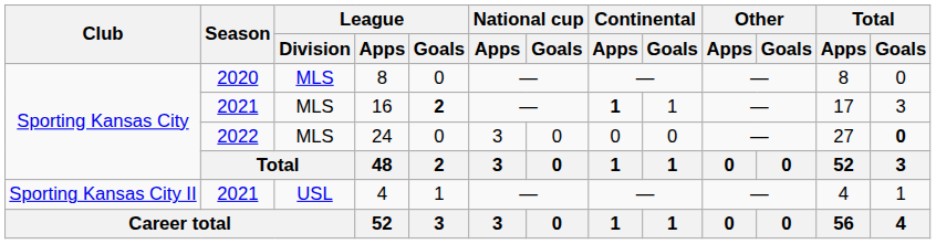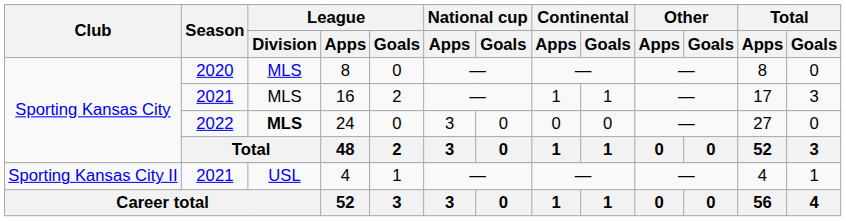 <table class=wikitable style=text-align:center>
 <tr>
 <th rowspan=2>Club</th>
 <th rowspan=2>Season</th>
 <th colspan=3>League</th>
 <th colspan=2>National cup</th>
 <th colspan=2>Continental</th>
 <th colspan=2>Other</th>
 <th colspan=2>Total</th>
 </tr>
 <tr>
 <th>Division</th>
 <th>Apps</th>
 <th>Goals</th>
 <th>Apps</th>
 <th>Goals</th>
 <th>Apps</th>
 <th>Goals</th>
 <th>Apps</th>
 <th>Goals</th>
 <th>Apps</th>
 <th>Goals</th>
 </tr>
 <tr>
 <td rowspan=4><a href='#'>Sporting Kansas City</a></td>
 <td><a href='#'>2020</a></td>
 <td><a href='#'>MLS</a></td>
 <td>8</td>
 <td>0</td>
 <td colspan=2>—</td>
 <td colspan=2>—</td>
 <td colspan=2>—</td>
 <td>8</td>
 <td>0</td>
 </tr>
 <tr>
 <td><a href='#'>2021</a></td>
 <td>MLS</td>
 <td>16</td>
-<td><strong>2</strong></td>
+<td>2</td>
 <td colspan=2>—</td>
-<td><strong>1</strong></td>
+<td>1</td>
 <td>1</td>
 <td colspan=2>—</td>
 <td>17</td>
 <td>3</td>
 </tr>
 <tr>
 <td><a href='#'>2022</a></td>
-<td>MLS</td>
+<td><strong>MLS</strong></td>
 <td>24</td>
 <td>0</td>
 <td>3</td>
 <td>0</td>
 <td>0</td>
 <td>0</td>
 <td colspan=2>—</td>
 <td>27</td>
-<td><strong>0</strong></td>
+<td>0</td>
 </tr>
 <tr>
 <th colspan=2>Total</th>
 <th>48</th>
 <th>2</th>
 <th>3</th>
 <th>0</th>
 <th>1</th>
 <th>1</th>
 <th>0</th>
 <th>0</th>
 <th>52</th>
 <th>3</th>
 </tr>
 <tr>
 <td rowspan=1><a href='#'>Sporting Kansas City II</a></td>
 <td><a href='#'>2021</a></td>
 <td><a href='#'>USL</a></td>
 <td>4</td>
 <td>1</td>
 <td colspan=2>—</td>
 <td colspan=2>—</td>
 <td colspan=2>—</td>
 <td>4</td>
 <td>1</td>
 </tr>
 <tr>
 <th colspan=3>Career total</th>
 <th>52</th>
 <th>3</th>
 <th>3</th>
 <th>0</th>
 <th>1</th>
 <th>1</th>
 <th>0</th>
 <th>0</th>
 <th>56</th>
 <th>4</th>
 </tr>
 </table>
